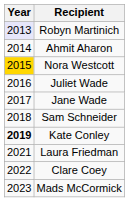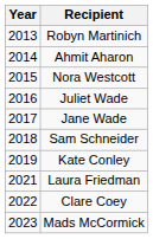 <table class="wikitable" style="text-align:center">
 <tr>
 <th>Year</th>
 <th>Recipient</th>
 </tr>
 <tr>
-<td style="background: lavender;">2013</td>
+<td>2013</td>
 <td>Robyn Martinich</td>
 </tr>
 <tr>
 <td>2014</td>
 <td>Ahmit Aharon</td>
 </tr>
 <tr>
-<td style="background: gold;">2015</td>
+<td>2015</td>
 <td>Nora Westcott</td>
 </tr>
 <tr>
 <td>2016</td>
 <td>Juliet Wade</td>
 </tr>
 <tr>
 <td>2017</td>
 <td>Jane Wade</td>
 </tr>
 <tr>
 <td>2018</td>
 <td>Sam Schneider</td>
 </tr>
 <tr>
-<td><strong>2019</strong></td>
+<td>2019</td>
 <td>Kate Conley</td>
 </tr>
 <tr>
 <td>2021</td>
 <td>Laura Friedman</td>
 </tr>
 <tr>
 <td>2022</td>
 <td>Clare Coey</td>
 </tr>
 <tr>
 <td>2023</td>
 <td>Mads McCormick</td>
 </tr>
 </table>
